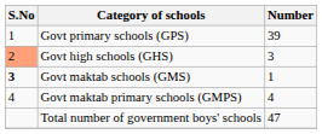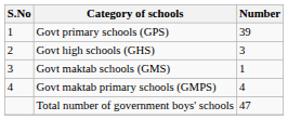 <table class="wikitable sortable">
 <tr>
 <th>S.No</th>
 <th>Category of schools</th>
 <th>Number</th>
 </tr>
 <tr>
 <td>1</td>
 <td>Govt primary schools (GPS)</td>
 <td>39</td>
 </tr>
 <tr>
-<td style="background: lightsalmon;">2</td>
+<td>2</td>
 <td>Govt high schools (GHS)</td>
 <td>3</td>
 </tr>
 <tr>
-<td><strong>3</strong></td>
+<td>3</td>
 <td>Govt maktab schools (GMS)</td>
 <td>1</td>
 </tr>
 <tr>
 <td>4</td>
 <td>Govt maktab primary schools (GMPS)</td>
 <td>4</td>
 </tr>
 <tr>
 <td></td>
 <td>Total number of government boys' schools</td>
 <td>47</td>
 </tr>
 <tr>
 </tr>
 </table>
